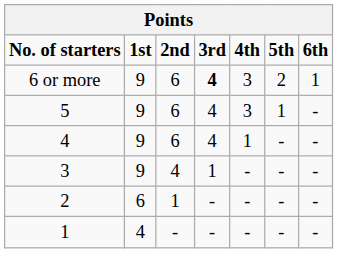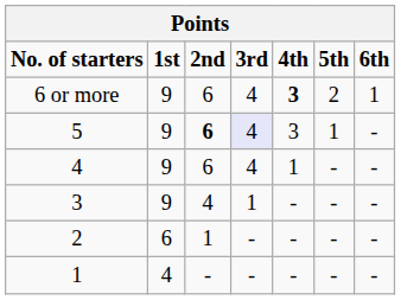 <table class="wikitable" style="font-size:95%; text-align:center">
 <tr>
 <th colspan="7">Points</th>
 </tr>
 <tr>
 <td><strong>No. of starters</strong></td>
 <td><strong>1st</strong></td>
 <td><strong>2nd</strong></td>
 <td><strong>3rd</strong></td>
 <td><strong>4th</strong></td>
 <td><strong>5th</strong></td>
 <td><strong>6th</strong></td>
 </tr>
 <tr>
 <td>6 or more</td>
 <td>9</td>
 <td>6</td>
-<td><strong>4</strong></td>
-<td>3</td>
+<td>4</td>
+<td><strong>3</strong></td>
 <td>2</td>
 <td>1</td>
 </tr>
 <tr>
 <td>5</td>
 <td>9</td>
-<td>6</td>
-<td>4</td>
+<td><strong>6</strong></td>
+<td style="background: lavender;">4</td>
 <td>3</td>
 <td>1</td>
 <td>-</td>
 </tr>
 <tr>
 <td>4</td>
 <td>9</td>
 <td>6</td>
 <td>4</td>
 <td>1</td>
 <td>-</td>
 <td>-</td>
 </tr>
 <tr>
 <td>3</td>
 <td>9</td>
 <td>4</td>
 <td>1</td>
 <td>-</td>
 <td>-</td>
 <td>-</td>
 </tr>
 <tr>
 <td>2</td>
 <td>6</td>
 <td>1</td>
 <td>-</td>
 <td>-</td>
 <td>-</td>
 <td>-</td>
 </tr>
 <tr>
 <td>1</td>
 <td>4</td>
 <td>-</td>
 <td>-</td>
 <td>-</td>
 <td>-</td>
 <td>-</td>
 </tr>
 </table>
